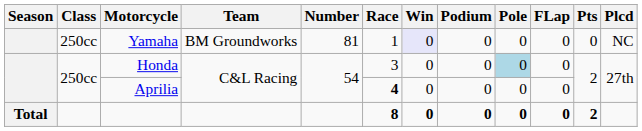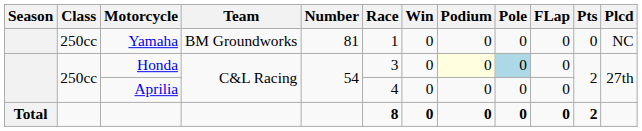 <table class="wikitable">
 <tr>
 <th>Season</th>
 <th>Class</th>
 <th>Motorcycle</th>
 <th>Team</th>
 <th>Number</th>
 <th>Race</th>
 <th>Win</th>
 <th>Podium</th>
 <th>Pole</th>
 <th>FLap</th>
 <th>Pts</th>
 <th>Plcd</th>
 </tr>
 <tr align="right">
 <th></th>
 <td>250cc</td>
 <td><a href='#'>Yamaha</a></td>
 <td>BM Groundworks</td>
 <td>81</td>
 <td>1</td>
-<td style="background: lavender;">0</td>
+<td>0</td>
 <td>0</td>
 <td>0</td>
 <td>0</td>
 <td>0</td>
 <td>NC</td>
 </tr>
 <tr align="right">
 <th rowspan=2></th>
 <td rowspan=2>250cc</td>
 <td><a href='#'>Honda</a></td>
 <td rowspan=2>C&L Racing</td>
 <td rowspan=2>54</td>
 <td>3</td>
 <td>0</td>
-<td>0</td>
+<td style="background: lightyellow;">0</td>
 <td style="background: lightblue;">0</td>
 <td>0</td>
 <td rowspan=2>2</td>
 <td rowspan=2>27th</td>
 </tr>
 <tr align="right">
 <td><a href='#'>Aprilia</a></td>
-<td><strong>4</strong></td>
+<td>4</td>
 <td>0</td>
 <td>0</td>
 <td>0</td>
 <td>0</td>
 </tr>
 <tr align="right">
 <th>Total</th>
 <td></td>
 <td></td>
 <td></td>
 <td></td>
 <td><strong>8</strong></td>
 <td><strong>0</strong></td>
 <td><strong>0</strong></td>
 <td><strong>0</strong></td>
 <td><strong>0</strong></td>
 <td><strong>2</strong></td>
 <td></td>
 </tr>
 </table>
